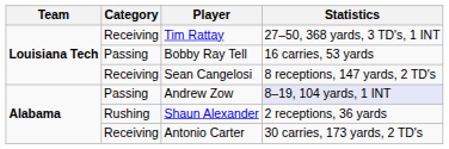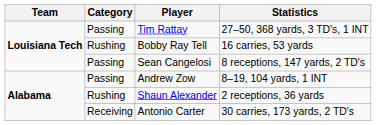 <table class="wikitable" style="float: right;">
 <tr>
 <th>Team</th>
 <th>Category</th>
 <th>Player</th>
 <th>Statistics</th>
 </tr>
 <tr>
 <td rowspan=3><strong>Louisiana Tech</strong></td>
-<td>Receiving</td>
+<td>Passing</td>
 <td><a href='#'>Tim Rattay</a></td>
 <td>27–50, 368 yards, 3 TD's, 1 INT</td>
 </tr>
 <tr>
-<td>Passing</td>
+<td>Rushing</td>
 <td>Bobby Ray Tell</td>
 <td>16 carries, 53 yards</td>
 </tr>
 <tr>
-<td>Receiving</td>
+<td>Passing</td>
 <td>Sean Cangelosi</td>
 <td>8 receptions, 147 yards, 2 TD's</td>
 </tr>
 <tr>
 <td rowspan=3><strong>Alabama</strong></td>
 <td>Passing</td>
 <td>Andrew Zow</td>
-<td style="background: lavender;">8–19, 104 yards, 1 INT</td>
+<td>8–19, 104 yards, 1 INT</td>
 </tr>
 <tr>
 <td>Rushing</td>
 <td><a href='#'>Shaun Alexander</a></td>
 <td>2 receptions, 36 yards</td>
 </tr>
 <tr>
 <td>Receiving</td>
 <td>Antonio Carter</td>
 <td>30 carries, 173 yards, 2 TD's</td>
 </tr>
 </table>
